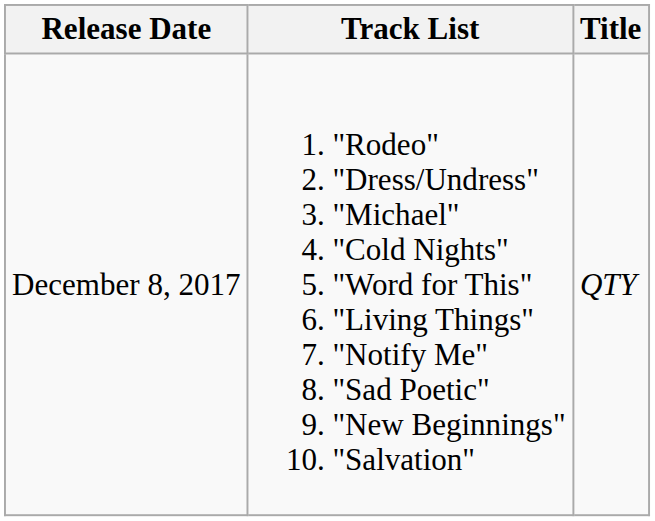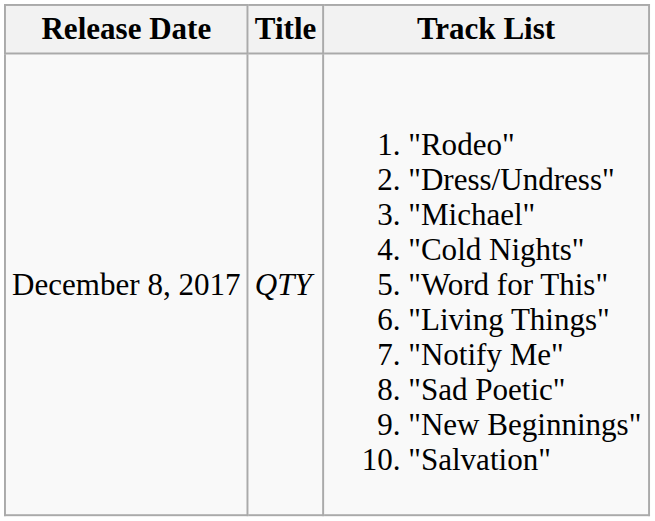 <table class="wikitable">
 <tr>
 <th>Release Date</th>
+<th>Title</th>
 <th>Track List</th>
-<th>Title</th>
 </tr>
 <tr>
 <td>December 8, 2017</td>
+<td><em>QTY</em></td>
 <td><br><ol><li>"Rodeo"</li><li>"Dress/Undress"</li><li>"Michael"</li><li>"Cold Nights"</li><li>"Word for This"</li><li>"Living Things"</li><li>"Notify Me"</li><li>"Sad Poetic"</li><li>"New Beginnings"</li><li>"Salvation"</li></ol></td>
-<td><em>QTY</em></td>
 </tr>
 </table>
